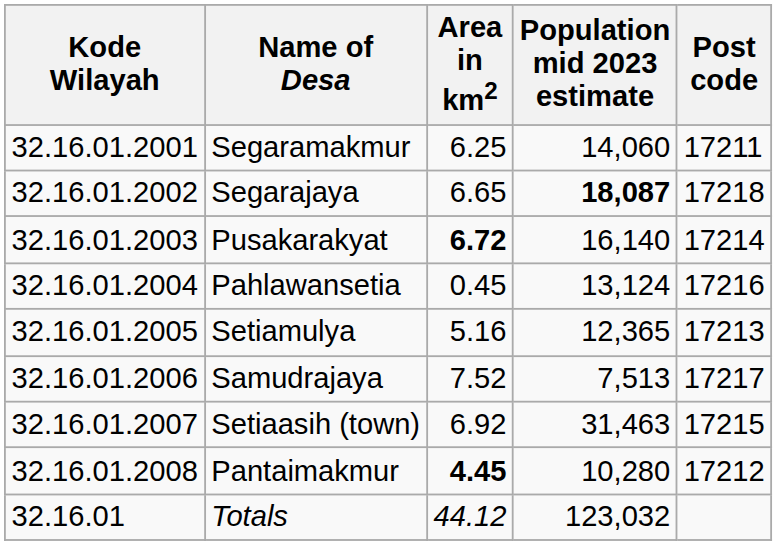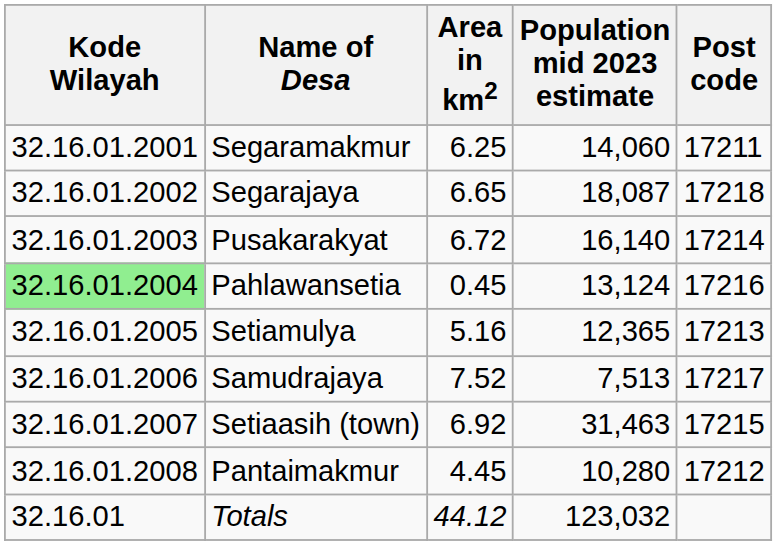 <table class="wikitable">
 <tr>
 <th>Kode <br>Wilayah</th>
 <th>Name of <br> <em>Desa</em></th>
 <th>Area <br>in <br>km<sup>2</sup></th>
 <th>Population<br>mid 2023<br>estimate</th>
 <th>Post<br>code</th>
 </tr>
 <tr>
 <td>32.16.01.2001</td>
 <td>Segaramakmur</td>
 <td align="right">6.25</td>
 <td align="right">14,060</td>
 <td>17211</td>
 </tr>
 <tr>
 <td>32.16.01.2002</td>
 <td>Segarajaya</td>
 <td align="right">6.65</td>
-<td align="right"><strong>18,087</strong></td>
+<td align="right">18,087</td>
 <td>17218</td>
 </tr>
 <tr>
 <td>32.16.01.2003</td>
 <td>Pusakarakyat</td>
-<td align="right"><strong>6.72</strong></td>
+<td align="right">6.72</td>
 <td align="right">16,140</td>
 <td>17214</td>
 </tr>
 <tr>
-<td>32.16.01.2004</td>
+<td style="background: lightgreen;">32.16.01.2004</td>
 <td>Pahlawansetia</td>
 <td align="right">0.45</td>
 <td align="right">13,124</td>
 <td>17216</td>
 </tr>
 <tr>
 <td>32.16.01.2005</td>
 <td>Setiamulya</td>
 <td align="right">5.16</td>
 <td align="right">12,365</td>
 <td>17213</td>
 </tr>
 <tr>
 <td>32.16.01.2006</td>
 <td>Samudrajaya</td>
 <td align="right">7.52</td>
 <td align="right">7,513</td>
 <td>17217</td>
 </tr>
 <tr>
 <td>32.16.01.2007</td>
 <td>Setiaasih (town)</td>
 <td align="right">6.92</td>
 <td align="right">31,463</td>
 <td>17215</td>
 </tr>
 <tr>
 <td>32.16.01.2008</td>
 <td>Pantaimakmur</td>
-<td align="right"><strong>4.45</strong></td>
+<td align="right">4.45</td>
 <td align="right">10,280</td>
 <td>17212</td>
 </tr>
 <tr>
 <td>32.16.01</td>
 <td><em>Totals</em></td>
 <td align="right"><em>44.12</em></td>
 <td align="right">123,032</td>
 </tr>
 </table>
